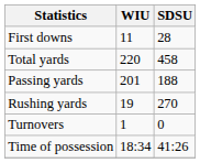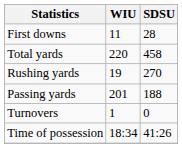 <table class="wikitable">
 <tr>
 <th>Statistics</th>
 <th>WIU</th>
 <th>SDSU</th>
 </tr>
 <tr>
 <td>First downs</td>
 <td>11</td>
 <td>28</td>
 </tr>
 <tr>
 <td>Total yards</td>
 <td>220</td>
 <td>458</td>
 </tr>
 <tr>
+<td>Rushing yards</td>
+<td>19</td>
+<td>270</td>
+</tr>
+<tr>
 <td>Passing yards</td>
 <td>201</td>
 <td>188</td>
-</tr>
-<tr>
-<td>Rushing yards</td>
-<td>19</td>
-<td>270</td>
 </tr>
 <tr>
 <td>Turnovers</td>
 <td>1</td>
 <td>0</td>
 </tr>
 <tr>
 <td>Time of possession</td>
 <td>18:34</td>
 <td>41:26</td>
 </tr>
 <tr>
 </tr>
 </table>
